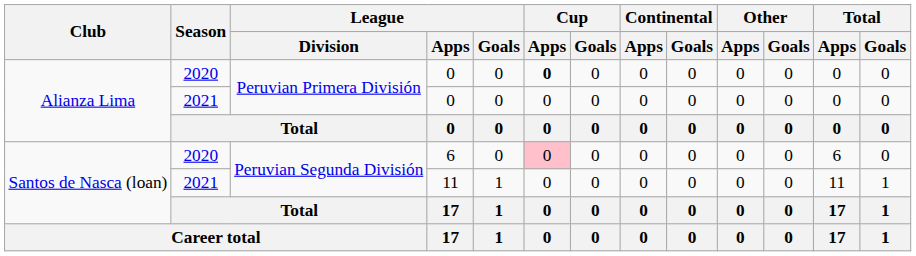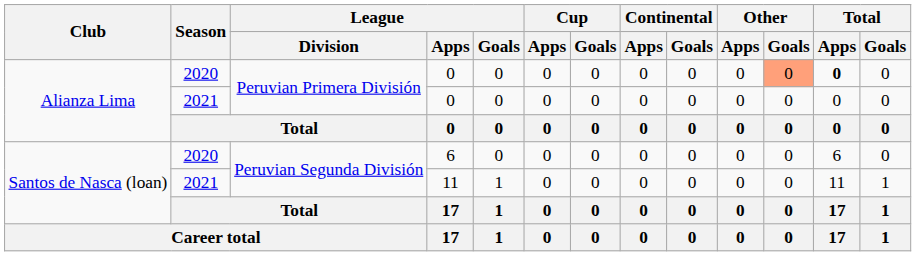 <table class="wikitable" style="text-align: center">
 <tr>
 <th rowspan="2">Club</th>
 <th rowspan="2">Season</th>
 <th colspan="3">League</th>
 <th colspan="2">Cup</th>
 <th colspan="2">Continental</th>
 <th colspan="2">Other</th>
 <th colspan="2">Total</th>
 </tr>
 <tr>
 <th>Division</th>
 <th>Apps</th>
 <th>Goals</th>
 <th>Apps</th>
 <th>Goals</th>
 <th>Apps</th>
 <th>Goals</th>
 <th>Apps</th>
 <th>Goals</th>
 <th>Apps</th>
 <th>Goals</th>
 </tr>
 <tr>
 <td rowspan="3"><a href='#'>Alianza Lima</a></td>
 <td><a href='#'>2020</a></td>
 <td rowspan="2"><a href='#'>Peruvian Primera División</a></td>
 <td>0</td>
 <td>0</td>
-<td><strong>0</strong></td>
 <td>0</td>
 <td>0</td>
 <td>0</td>
 <td>0</td>
 <td>0</td>
-<td>0</td>
+<td style="background: lightsalmon;">0</td>
+<td><strong>0</strong></td>
 <td>0</td>
 </tr>
 <tr>
 <td><a href='#'>2021</a></td>
 <td>0</td>
 <td>0</td>
 <td>0</td>
 <td>0</td>
 <td>0</td>
 <td>0</td>
 <td>0</td>
 <td>0</td>
 <td>0</td>
 <td>0</td>
 </tr>
 <tr>
 <th colspan="2"><strong>Total</strong></th>
 <th>0</th>
 <th>0</th>
 <th>0</th>
 <th>0</th>
 <th>0</th>
 <th>0</th>
 <th>0</th>
 <th>0</th>
 <th>0</th>
 <th>0</th>
 </tr>
 <tr>
 <td rowspan="3"><a href='#'>Santos de Nasca</a> (loan)</td>
 <td><a href='#'>2020</a></td>
 <td rowspan="2"><a href='#'>Peruvian Segunda División</a></td>
 <td>6</td>
 <td>0</td>
-<td style="background: pink;">0</td>
+<td>0</td>
 <td>0</td>
 <td>0</td>
 <td>0</td>
 <td>0</td>
 <td>0</td>
 <td>6</td>
 <td>0</td>
 </tr>
 <tr>
 <td><a href='#'>2021</a></td>
 <td>11</td>
 <td>1</td>
 <td>0</td>
 <td>0</td>
 <td>0</td>
 <td>0</td>
 <td>0</td>
 <td>0</td>
 <td>11</td>
 <td>1</td>
 </tr>
 <tr>
 <th colspan="2"><strong>Total</strong></th>
 <th>17</th>
 <th>1</th>
 <th>0</th>
 <th>0</th>
 <th>0</th>
 <th>0</th>
 <th>0</th>
 <th>0</th>
 <th>17</th>
 <th>1</th>
 </tr>
 <tr>
 <th colspan="3"><strong>Career total</strong></th>
 <th>17</th>
 <th>1</th>
 <th>0</th>
 <th>0</th>
 <th>0</th>
 <th>0</th>
 <th>0</th>
 <th>0</th>
 <th>17</th>
 <th>1</th>
 </tr>
 </table>
